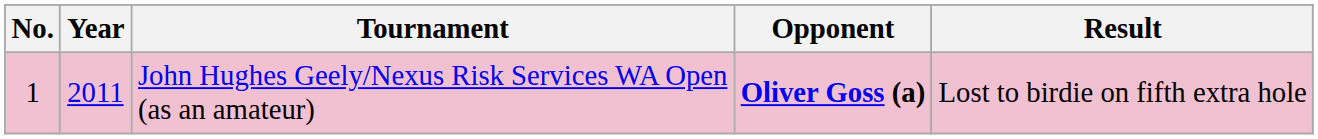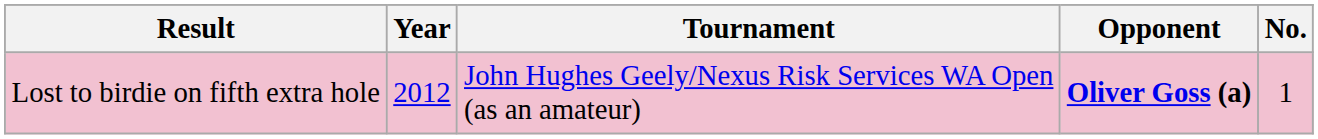 <table class="wikitable" style="font-size:95%;">
 <tr>
-<th>No.</th>
+<th>Result</th>
 <th>Year</th>
 <th>Tournament</th>
 <th>Opponent</th>
-<th>Result</th>
+<th>No.</th>
 </tr>
 <tr style="background:#F2C1D1;">
-<td align=center>1</td>
-<td><a href='#'>2011</a></td>
+<td>Lost to birdie on fifth extra hole</td>
+<td><a href='#'>2012</a></td>
 <td><a href='#'>John Hughes Geely/Nexus Risk Services WA Open</a><br>(as an amateur)</td>
 <td><strong> <a href='#'>Oliver Goss</a> (a)</strong></td>
-<td>Lost to birdie on fifth extra hole</td>
+<td align=center>1</td>
 </tr>
 </table>
